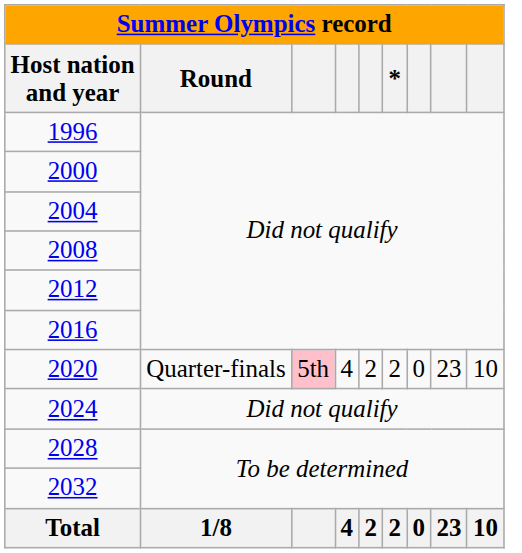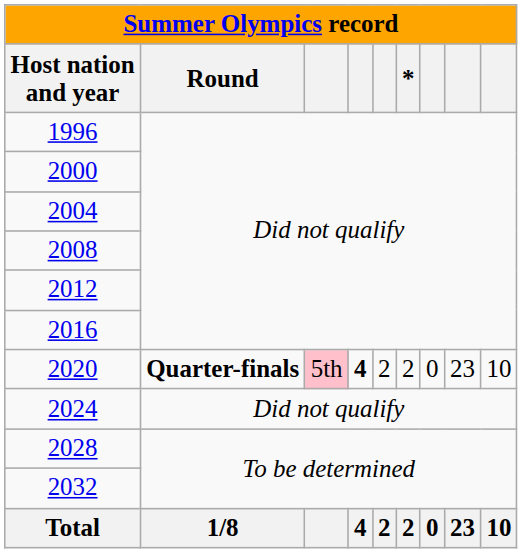 <table class="wikitable" style="text-align: center;">
 <tr>
 <th style="color: black; background: orange;" colspan=9> <a href='#'>Summer Olympics</a> record</th>
 </tr>
 <tr>
 <th>Host nation<br>and year</th>
 <th>Round</th>
 <th></th>
 <th></th>
 <th></th>
 <th>*</th>
 <th></th>
 <th></th>
 <th></th>
 </tr>
 <tr>
 <td> <a href='#'>1996</a></td>
 <td colspan=8 rowspan=6><em>Did not qualify</em></td>
 </tr>
 <tr>
 <td> <a href='#'>2000</a></td>
 </tr>
 <tr>
 <td> <a href='#'>2004</a></td>
 </tr>
 <tr>
 <td> <a href='#'>2008</a></td>
 </tr>
 <tr>
 <td> <a href='#'>2012</a></td>
 </tr>
 <tr>
 <td> <a href='#'>2016</a></td>
 </tr>
 <tr>
 <td> <a href='#'>2020</a></td>
-<td>Quarter-finals</td>
+<td><strong>Quarter-finals</strong></td>
 <td style="background: pink;">5th</td>
-<td>4</td>
+<td><strong>4</strong></td>
 <td>2</td>
 <td>2</td>
 <td>0</td>
 <td>23</td>
 <td>10</td>
 </tr>
 <tr>
 <td> <a href='#'>2024</a></td>
 <td colspan="8" rowspan="1"><em>Did not qualify</em></td>
 </tr>
 <tr>
 <td> <a href='#'>2028</a></td>
 <td colspan="8" rowspan="2"><em>To be determined</em></td>
 </tr>
 <tr>
 <td> <a href='#'>2032</a></td>
 </tr>
 <tr>
 <th>Total</th>
 <th>1/8</th>
 <th></th>
 <th>4</th>
 <th>2</th>
 <th>2</th>
 <th>0</th>
 <th>23</th>
 <th>10</th>
 </tr>
 </table>
